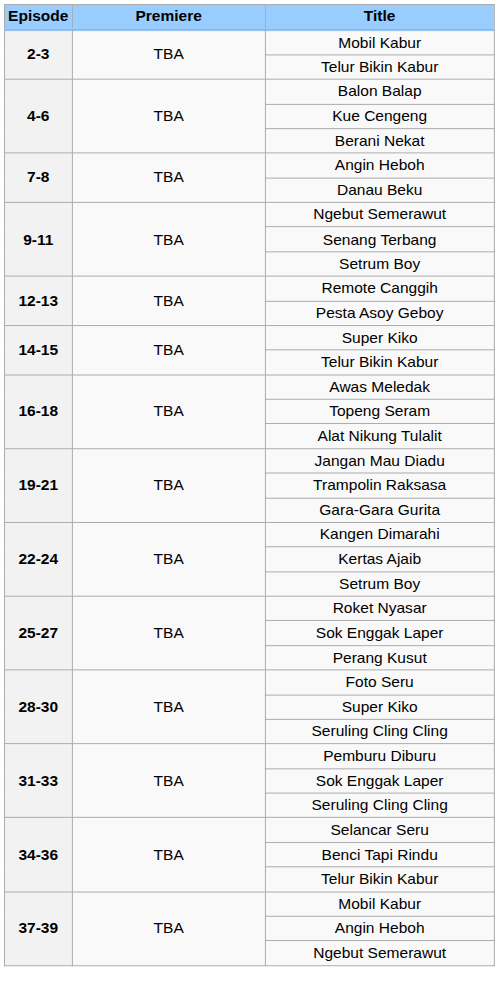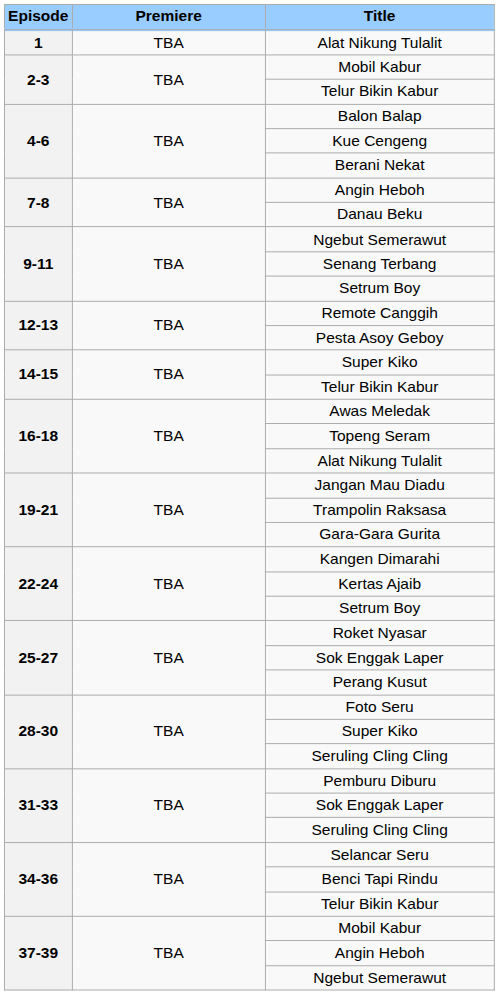 <table class="wikitable" style="width:40%; align:left;">
 <tr style="border-bottom: 3px solid #99CCFF">
 <th style="width:3em; background:#99CCFF;">Episode</th>
 <th style="width:12em; background:#99CCFF;">Premiere</th>
 <th style="background:#99CCFF;">Title</th>
 </tr>
 <tr>
+</tr>
+<tr align="center">
+<th rowspan="1">1</th>
+<td rowspan="1">TBA</td>
+<td>Alat Nikung Tulalit</td>
 </tr>
 <tr align="center">
 <th rowspan="2">2-3</th>
 <td rowspan="2">TBA</td>
 <td>Mobil Kabur</td>
 </tr>
 <tr align="center">
 <td>Telur Bikin Kabur</td>
 </tr>
 <tr align="center">
 <th rowspan="3">4-6</th>
 <td rowspan="3">TBA</td>
 <td>Balon Balap</td>
 </tr>
 <tr align="center">
 <td>Kue Cengeng</td>
 </tr>
 <tr align="center">
 <td>Berani Nekat</td>
 </tr>
 <tr align="center">
 <th rowspan="2">7-8</th>
 <td rowspan="2">TBA</td>
 <td>Angin Heboh</td>
 </tr>
 <tr align="center">
 <td>Danau Beku</td>
 </tr>
 <tr align="center">
 <th rowspan="3">9-11</th>
 <td rowspan="3">TBA</td>
 <td>Ngebut Semerawut</td>
 </tr>
 <tr align="center">
 <td>Senang Terbang</td>
 </tr>
 <tr align="center">
 <td>Setrum Boy</td>
 </tr>
 <tr align="center">
 <th rowspan="2">12-13</th>
 <td rowspan="2">TBA</td>
 <td>Remote Canggih</td>
 </tr>
 <tr align="center">
 <td>Pesta Asoy Geboy</td>
 </tr>
 <tr align="center">
 <th rowspan="2">14-15</th>
 <td rowspan="2">TBA</td>
 <td>Super Kiko</td>
 </tr>
 <tr align="center">
 <td>Telur Bikin Kabur</td>
 </tr>
 <tr align="center">
 <th rowspan="3">16-18</th>
 <td rowspan="3">TBA</td>
 <td>Awas Meledak</td>
 </tr>
 <tr align="center">
 <td>Topeng Seram</td>
 </tr>
 <tr align="center">
 <td>Alat Nikung Tulalit</td>
 </tr>
 <tr align="center">
 <th rowspan="3">19-21</th>
 <td rowspan="3">TBA</td>
 <td>Jangan Mau Diadu</td>
 </tr>
 <tr align="center">
 <td>Trampolin Raksasa</td>
 </tr>
 <tr align="center">
 <td>Gara-Gara Gurita</td>
 </tr>
 <tr align="center">
 <th rowspan="3">22-24</th>
 <td rowspan="3">TBA</td>
 <td>Kangen Dimarahi</td>
 </tr>
 <tr align="center">
 <td>Kertas Ajaib</td>
 </tr>
 <tr align="center">
 <td>Setrum Boy</td>
 </tr>
 <tr align="center">
 <th rowspan="3">25-27</th>
 <td rowspan="3">TBA</td>
 <td>Roket Nyasar</td>
 </tr>
 <tr align="center">
 <td>Sok Enggak Laper</td>
 </tr>
 <tr align="center">
 <td>Perang Kusut</td>
 </tr>
 <tr align="center">
 <th rowspan="3">28-30</th>
 <td rowspan="3">TBA</td>
 <td>Foto Seru</td>
 </tr>
 <tr align="center">
 <td>Super Kiko</td>
 </tr>
 <tr align="center">
 <td>Seruling Cling Cling</td>
 </tr>
 <tr align="center">
 <th rowspan="3">31-33</th>
 <td rowspan="3">TBA</td>
 <td>Pemburu Diburu</td>
 </tr>
 <tr align="center">
 <td>Sok Enggak Laper</td>
 </tr>
 <tr align="center">
 <td>Seruling Cling Cling</td>
 </tr>
 <tr align="center">
 <th rowspan="3">34-36</th>
 <td rowspan="3">TBA</td>
 <td>Selancar Seru</td>
 </tr>
 <tr align="center">
 <td>Benci Tapi Rindu</td>
 </tr>
 <tr align="center">
 <td>Telur Bikin Kabur</td>
 </tr>
 <tr align="center">
 <th rowspan="3">37-39</th>
 <td rowspan="3">TBA</td>
 <td>Mobil Kabur</td>
 </tr>
 <tr align="center">
 <td>Angin Heboh</td>
 </tr>
 <tr align="center">
 <td>Ngebut Semerawut</td>
 </tr>
 </table>
